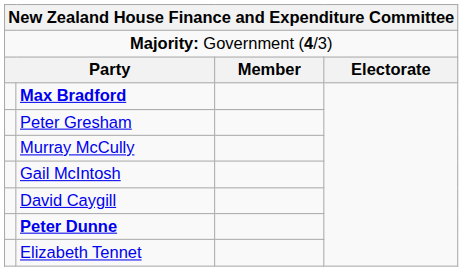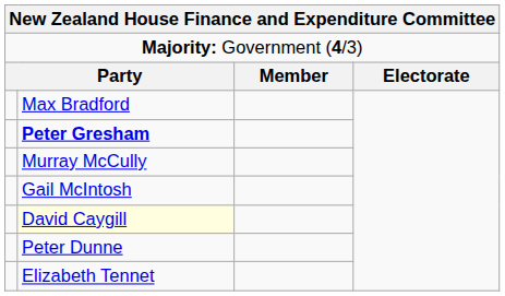 <table class="wikitable">
 <tr>
 <th colspan="4">New Zealand House Finance and Expenditure Committee</th>
 </tr>
 <tr>
 <td colspan="4" style="text-align:center; background:"><strong>Majority:</strong> Government (<strong>4</strong>/3)</td>
 </tr>
 <tr>
 <th colspan="2">Party</th>
 <th>Member</th>
 <th>Electorate</th>
 </tr>
 <tr>
 <td></td>
-<td><strong><a href='#'>Max Bradford</a></strong></td>
+<td><a href='#'>Max Bradford</a></td>
 <td></td>
 </tr>
 <tr>
 <td></td>
-<td><a href='#'>Peter Gresham</a></td>
+<td><strong><a href='#'>Peter Gresham</a></strong></td>
 <td></td>
 </tr>
 <tr>
 <td></td>
 <td><a href='#'>Murray McCully</a></td>
 <td></td>
 </tr>
 <tr>
 <td></td>
 <td><a href='#'>Gail McIntosh</a></td>
 <td></td>
 </tr>
 <tr>
 <td></td>
-<td><a href='#'>David Caygill</a></td>
+<td style="background: lightyellow;"><a href='#'>David Caygill</a></td>
 <td></td>
 </tr>
 <tr>
 <td></td>
-<td><strong><a href='#'>Peter Dunne</a></strong></td>
+<td><a href='#'>Peter Dunne</a></td>
 <td></td>
 </tr>
 <tr>
 <td></td>
 <td><a href='#'>Elizabeth Tennet</a></td>
 <td></td>
 </tr>
 </table>
